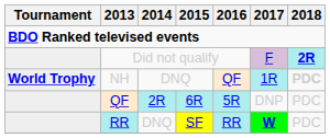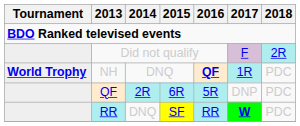 <table class="wikitable" style="width:30%; margin:0">
 <tr>
 <th>Tournament</th>
 <th>2013</th>
 <th>2014</th>
 <th>2015</th>
 <th>2016</th>
 <th>2017</th>
 <th>2018</th>
 </tr>
 <tr>
 <td colspan="7" align="left"><strong><a href='#'>BDO</a> Ranked televised events</strong></td>
 </tr>
 <tr>
 <td style="background:#efefef;"></td>
 <td colspan="4" style="text-align:center; color:#ccc;">Did not qualify</td>
 <td style="text-align:center; background:#D8BFD8;"><a href='#'>F</a></td>
-<td style="text-align:center; background:#afeeee;"><strong><a href='#'>2R</a></strong></td>
+<td style="text-align:center; background:#afeeee;"><a href='#'>2R</a></td>
 </tr>
 <tr>
 <td style="background:#efefef;"><strong><a href='#'>World Trophy</a></strong></td>
 <td style="text-align:center; color:#ccc;">NH</td>
 <td colspan="2" style="text-align:center; color:#ccc;">DNQ</td>
-<td style="text-align:center; background:#ffebcd;"><a href='#'>QF</a></td>
+<td style="text-align:center; background:#ffebcd;"><strong><a href='#'>QF</a></strong></td>
 <td style="text-align:center; background:#afeeee;"><a href='#'>1R</a></td>
-<td style="text-align:center; color:#ccc;"><strong>PDC</strong></td>
+<td style="text-align:center; color:#ccc;">PDC</td>
 </tr>
 <tr>
 <td style="background:#efefef;"></td>
 <td style="text-align:center; background:#ffebcd;"><a href='#'>QF</a></td>
 <td style="text-align:center; background:#afeeee;"><a href='#'>2R</a></td>
 <td style="text-align:center; background:#afeeee;"><a href='#'>6R</a></td>
 <td style="text-align:center; background:#afeeee;"><a href='#'>5R</a></td>
 <td style="text-align:center; color:#ccc;">DNP</td>
 <td style="text-align:center; color:#ccc;">PDC</td>
 </tr>
 <tr>
 <td style="background:#efefef;"></td>
 <td style="text-align:center; background:#afeeee;"><a href='#'>RR</a></td>
 <td style="text-align:center; color:#ccc;">DNQ</td>
 <td style="text-align:center; background:yellow;"><a href='#'>SF</a></td>
 <td style="text-align:center; background:#afeeee;"><a href='#'>RR</a></td>
 <td style="text-align:center; background:lime;"><strong><a href='#'>W</a></strong></td>
 <td style="text-align:center; color:#ccc;">PDC</td>
 </tr>
 <tr>
 </tr>
 </table>
